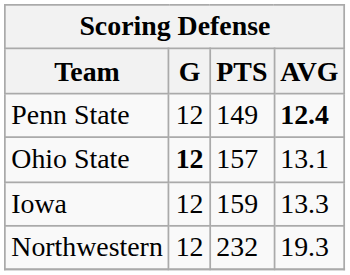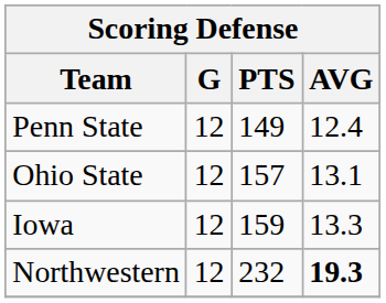 <table class="wikitable">
 <tr>
 <th colspan="7" align="center">Scoring Defense</th>
 </tr>
 <tr>
 <th>Team</th>
 <th>G</th>
 <th>PTS</th>
 <th>AVG</th>
 </tr>
 <tr>
 <td>Penn State</td>
 <td>12</td>
 <td>149</td>
-<td><strong>12.4</strong></td>
+<td>12.4</td>
 </tr>
 <tr>
 <td>Ohio State</td>
-<td><strong>12</strong></td>
+<td>12</td>
 <td>157</td>
 <td>13.1</td>
 </tr>
 <tr>
 <td>Iowa</td>
 <td>12</td>
 <td>159</td>
 <td>13.3</td>
 </tr>
 <tr>
 <td>Northwestern</td>
 <td>12</td>
 <td>232</td>
-<td>19.3</td>
+<td><strong>19.3</strong></td>
 </tr>
 <tr>
 </tr>
 </table>
